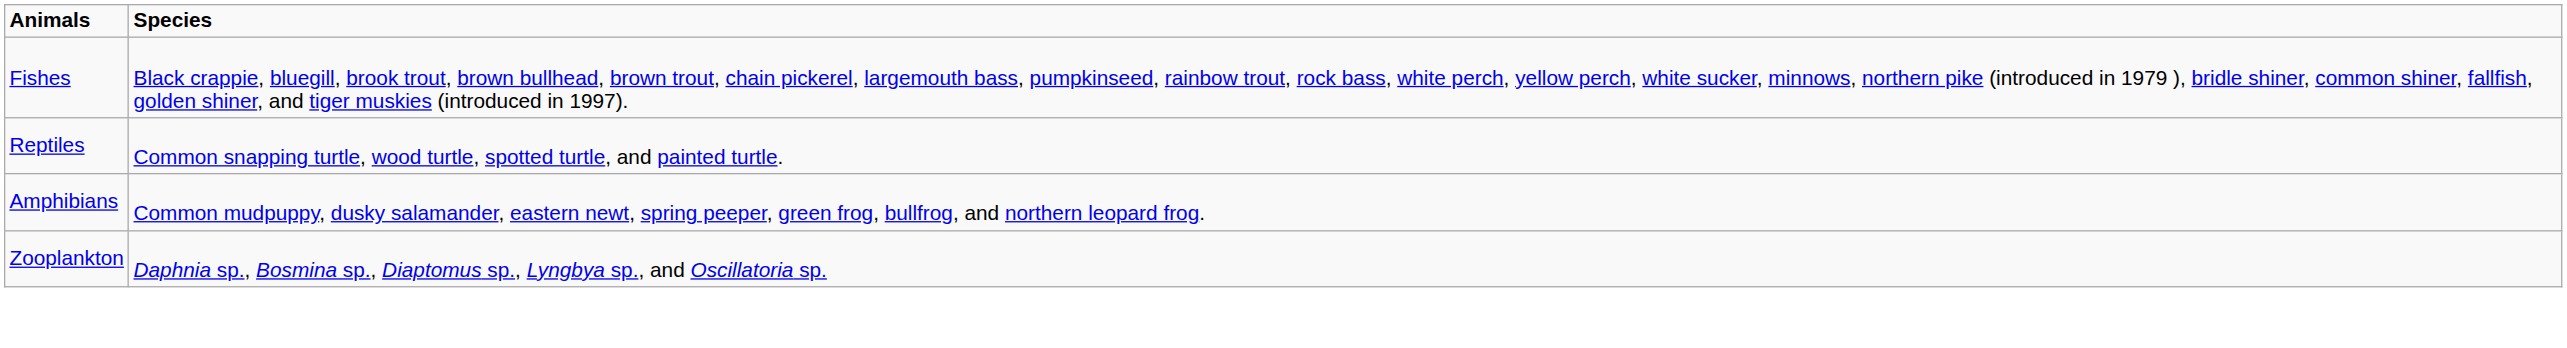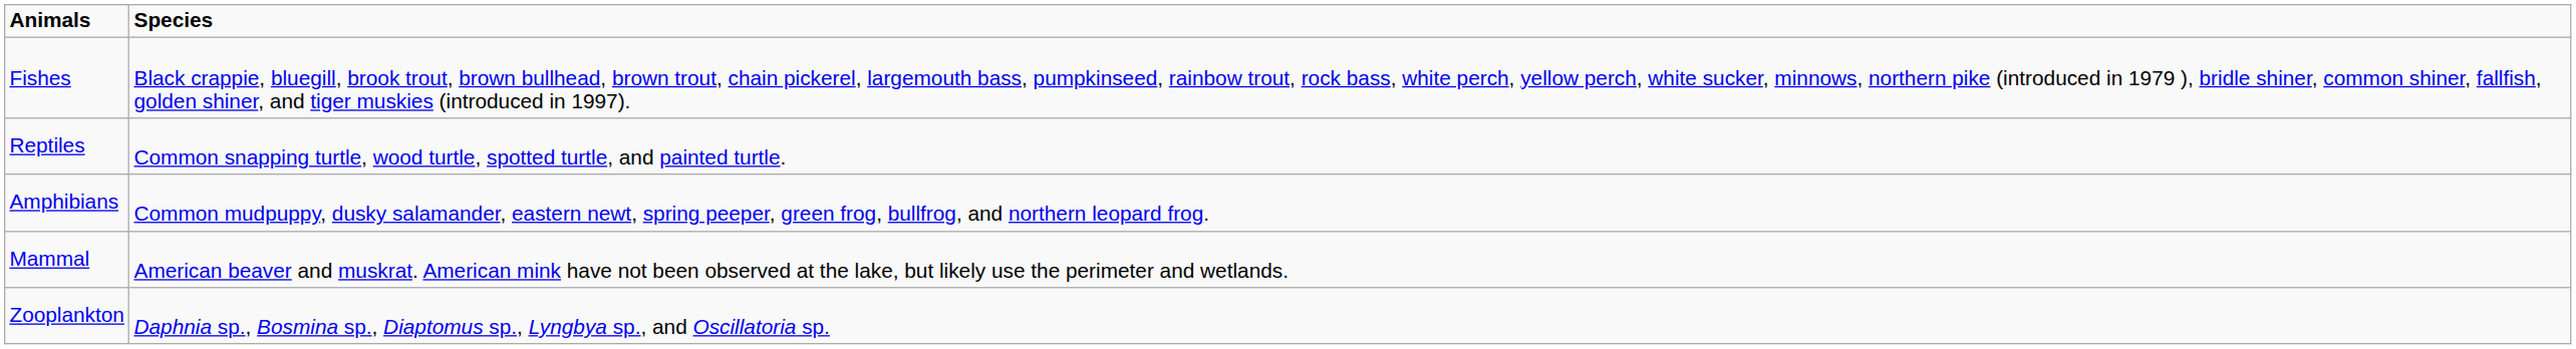 <table class=wikitable>
 <tr>
 <td><strong>Animals</strong></td>
 <td><strong>Species</strong></td>
 </tr>
 <tr>
 <td><a href='#'>Fishes</a></td>
 <td><br><a href='#'>Black crappie</a>, <a href='#'>bluegill</a>, <a href='#'>brook trout</a>, <a href='#'>brown bullhead</a>, <a href='#'>brown trout</a>, <a href='#'>chain pickerel</a>, <a href='#'>largemouth bass</a>, <a href='#'>pumpkinseed</a>, <a href='#'>rainbow trout</a>, <a href='#'>rock bass</a>, <a href='#'>white perch</a>,  <a href='#'>yellow perch</a>,  <a href='#'>white sucker</a>,  <a href='#'>minnows</a>,  <a href='#'>northern pike</a> (introduced in 1979 ),  <a href='#'>bridle shiner</a>,  <a href='#'>common shiner</a>,  <a href='#'>fallfish</a>,  <a href='#'>golden shiner</a>, and  <a href='#'>tiger muskies</a> (introduced in 1997).</td>
 </tr>
 <tr>
 <td><a href='#'>Reptiles</a></td>
 <td><br><a href='#'>Common snapping turtle</a>, <a href='#'>wood turtle</a>, <a href='#'>spotted turtle</a>, and <a href='#'>painted turtle</a>.</td>
 </tr>
 <tr>
 <td><a href='#'>Amphibians</a></td>
 <td><br><a href='#'>Common mudpuppy</a>, <a href='#'>dusky salamander</a>, <a href='#'>eastern newt</a>, <a href='#'>spring peeper</a>, <a href='#'>green frog</a>, <a href='#'>bullfrog</a>, and <a href='#'>northern leopard frog</a>.</td>
 </tr>
 <tr>
+<td><a href='#'>Mammal</a></td>
+<td><br><a href='#'>American beaver</a> and <a href='#'>muskrat</a>. <a href='#'>American mink</a> have not been observed at the lake, but likely use the perimeter and wetlands.</td>
+</tr>
+<tr>
 <td><a href='#'>Zooplankton</a></td>
 <td><br><a href='#'><em>Daphnia</em> sp.</a>, <a href='#'><em>Bosmina</em> sp.</a>, <a href='#'><em>Diaptomus</em> sp.</a>, <a href='#'><em>Lyngbya</em> sp.</a>, and  <a href='#'><em>Oscillatoria</em> sp.</a></td>
 </tr>
 </table>
